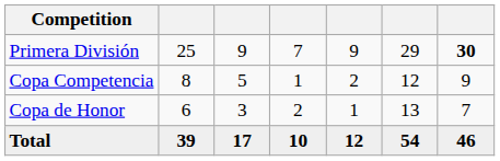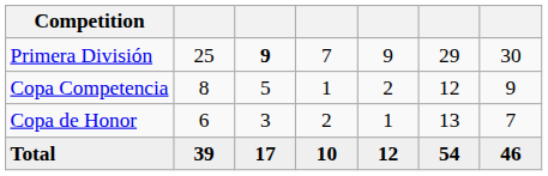 <table class="wikitable">
 <tr>
 <th width=>Competition</th>
 <th width=40px></th>
 <th width=40px></th>
 <th width=40px></th>
 <th width=40px></th>
 <th width=40px></th>
 <th width=40px></th>
 </tr>
 <tr align=center>
 <td align=left><a href='#'>Primera División</a> </td>
 <td>25</td>
-<td>9</td>
+<td><strong>9</strong></td>
 <td>7</td>
 <td>9</td>
 <td>29</td>
-<td><strong>30</strong></td>
+<td>30</td>
 </tr>
 <tr align=center>
 <td align=left><a href='#'>Copa Competencia</a></td>
 <td>8</td>
 <td>5</td>
 <td>1</td>
 <td>2</td>
 <td>12</td>
 <td>9</td>
 </tr>
 <tr align=center>
 <td align=left><a href='#'>Copa de Honor</a></td>
 <td>6</td>
 <td>3</td>
 <td>2</td>
 <td>1</td>
 <td>13</td>
 <td>7</td>
 </tr>
 <tr align=center bgcolor=#efefef>
 <td align=left><strong>Total</strong></td>
 <td><strong>39</strong></td>
 <td><strong>17</strong></td>
 <td><strong>10</strong></td>
 <td><strong>12</strong></td>
 <td><strong>54</strong></td>
 <td><strong>46</strong></td>
 </tr>
 </table>
